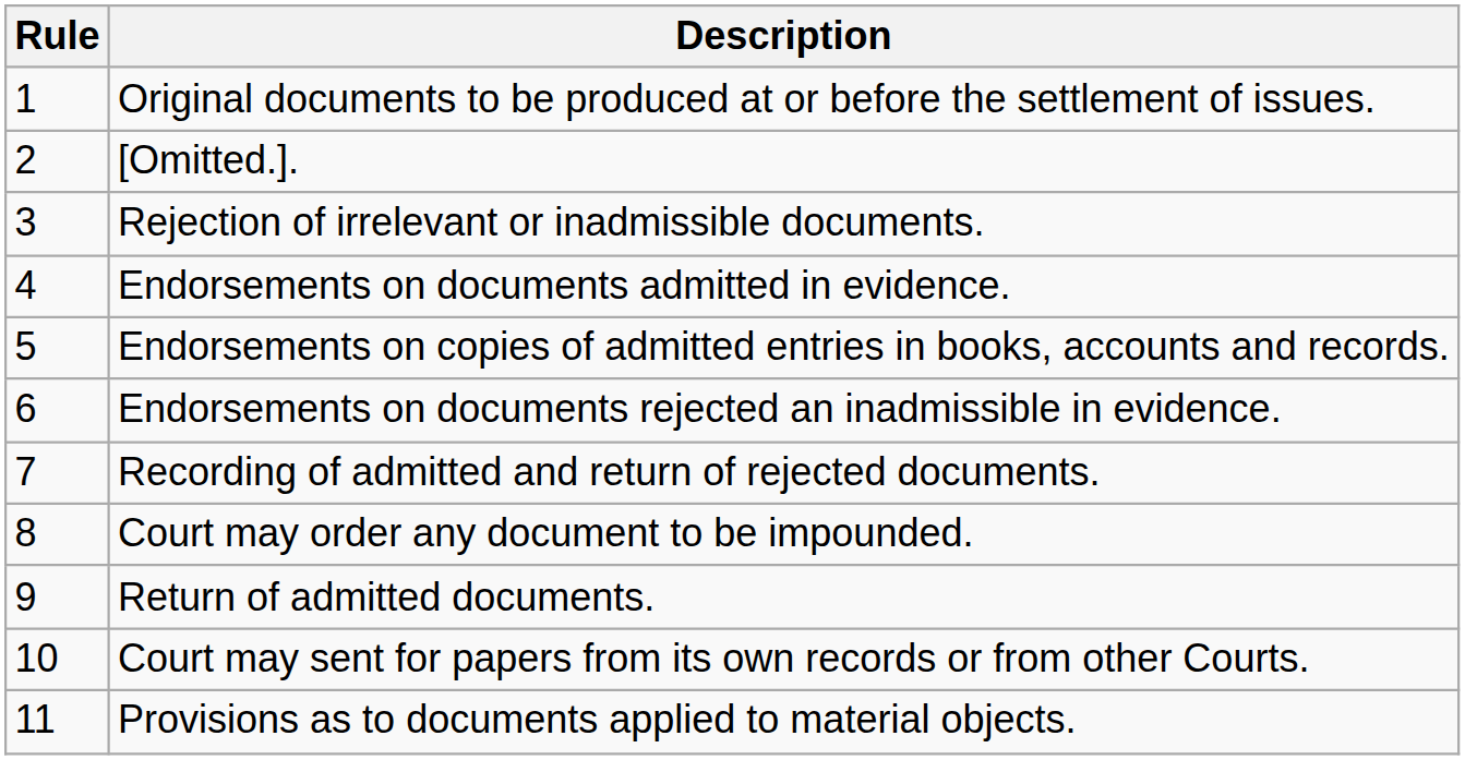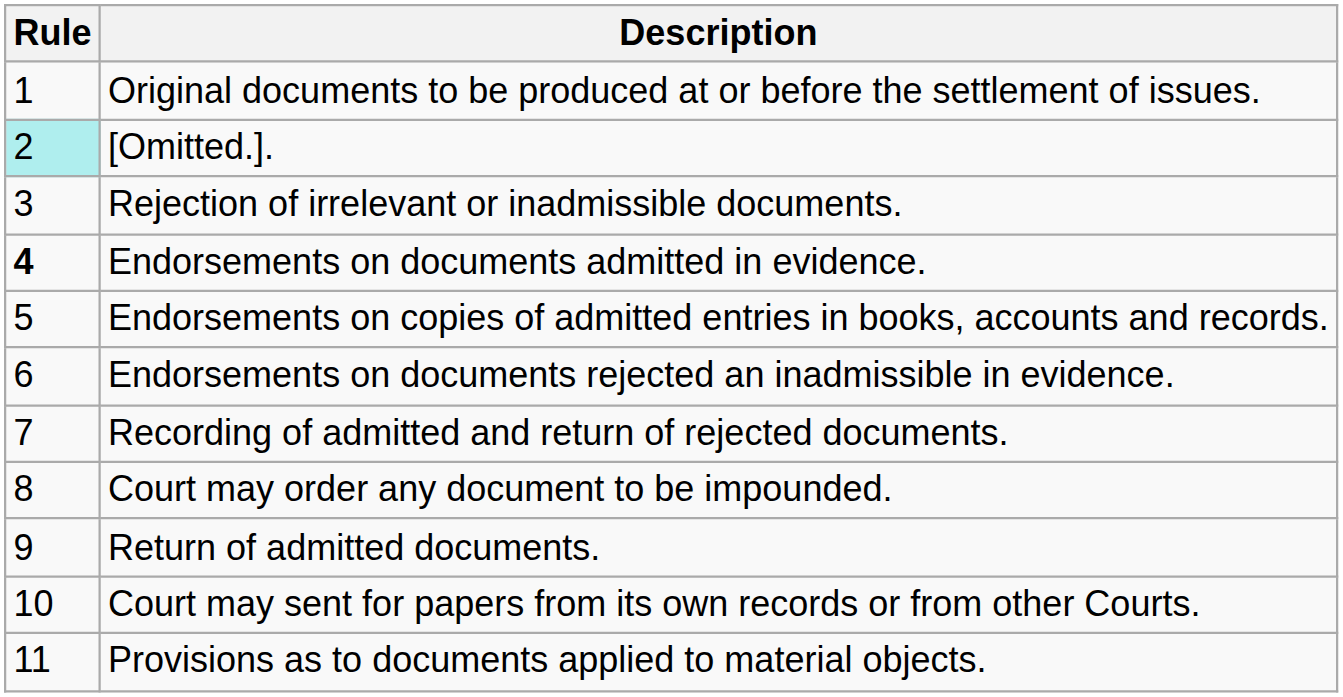 <table class="wikitable">
 <tr>
 <th>Rule</th>
 <th>Description</th>
 </tr>
 <tr>
 <td>1</td>
 <td>Original documents to be produced at or before the settlement of issues.</td>
 </tr>
 <tr>
-<td>2</td>
+<td style="background: paleturquoise;">2</td>
 <td>[Omitted.].</td>
 </tr>
 <tr>
 <td>3</td>
 <td>Rejection of irrelevant or inadmissible documents.</td>
 </tr>
 <tr>
-<td>4</td>
+<td><strong>4</strong></td>
 <td>Endorsements on documents admitted in evidence.</td>
 </tr>
 <tr>
 <td>5</td>
 <td>Endorsements on copies of admitted entries in books, accounts and records.</td>
 </tr>
 <tr>
 <td>6</td>
 <td>Endorsements on documents rejected an inadmissible in evidence.</td>
 </tr>
 <tr>
 <td>7</td>
 <td>Recording of admitted and return of rejected documents.</td>
 </tr>
 <tr>
 <td>8</td>
 <td>Court may order any document to be impounded.</td>
 </tr>
 <tr>
 <td>9</td>
 <td>Return of admitted documents.</td>
 </tr>
 <tr>
 <td>10</td>
 <td>Court may sent for papers from its own records or from other Courts.</td>
 </tr>
 <tr>
 <td>11</td>
 <td>Provisions as to documents applied to material objects.</td>
 </tr>
 </table>
